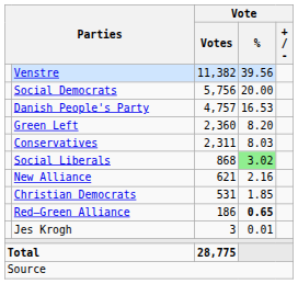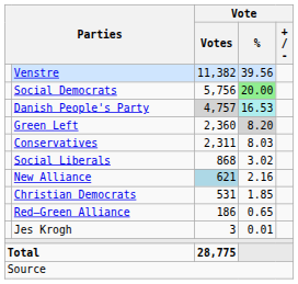 <table class="wikitable" style="text-align:right;">
 <tr>
 <th style="text-align:centre;" rowspan="2" colspan="2" width="225">Parties</th>
 <th colspan="3">Vote</th>
 </tr>
 <tr>
 <th width="15">Votes</th>
 <th width="15">%</th>
 <th width="15">+ / -</th>
 </tr>
 <tr>
 <td width="2" style="color:inherit;background:"></td>
 <td bgcolor=#cfe5fe  align="left"><a href='#'>Venstre</a></td>
 <td bgcolor=#cfe5fe>11,382</td>
 <td bgcolor=#cfe5fe>39.56</td>
 <td></td>
 </tr>
 <tr>
 <td width="2" style="color:inherit;background:"></td>
 <td align="left"><a href='#'>Social Democrats</a></td>
 <td>5,756</td>
-<td>20.00</td>
+<td style="background: lightgreen;">20.00</td>
 <td></td>
 </tr>
 <tr>
 <td width="2" style="color:inherit;background:"></td>
 <td align="left"><a href='#'>Danish People's Party</a></td>
-<td>4,757</td>
-<td>16.53</td>
+<td style="background: lightgrey;">4,757</td>
+<td style="background: paleturquoise;">16.53</td>
 <td></td>
 </tr>
 <tr>
 <td width="2" style="color:inherit;background:"></td>
 <td align="left"><a href='#'>Green Left</a></td>
 <td>2,360</td>
-<td>8.20</td>
+<td style="background: lightgrey;">8.20</td>
 <td></td>
 </tr>
 <tr>
 <td width="2" style="color:inherit;background:"></td>
 <td align="left"><a href='#'>Conservatives</a></td>
 <td>2,311</td>
 <td>8.03</td>
 <td></td>
 </tr>
 <tr>
 <td width="2" style="color:inherit;background:"></td>
 <td align="left"><a href='#'>Social Liberals</a></td>
 <td>868</td>
-<td style="background: lightgreen;">3.02</td>
+<td>3.02</td>
 <td></td>
 </tr>
 <tr>
 <td width="2" style="color:inherit;background:"></td>
 <td align="left"><a href='#'>New Alliance</a></td>
-<td>621</td>
+<td style="background: lightblue;">621</td>
 <td>2.16</td>
 <td></td>
 </tr>
 <tr>
 <td width="2" style="color:inherit;background:"></td>
 <td align="left"><a href='#'>Christian Democrats</a></td>
 <td>531</td>
 <td>1.85</td>
 <td></td>
 </tr>
 <tr>
 <td width="2" style="color:inherit;background:"></td>
 <td align="left"><a href='#'>Red–Green Alliance</a></td>
 <td>186</td>
-<td><strong>0.65</strong></td>
+<td>0.65</td>
 <td></td>
 </tr>
 <tr>
 <td width="2" style="color:inherit;background:"></td>
 <td align="left">Jes Krogh</td>
 <td>3</td>
 <td>0.01</td>
 <td></td>
 </tr>
 <tr>
 <td colspan="7" bgcolor="#E9E9E9"></td>
 </tr>
 <tr>
 <td align="left" colspan="2"><strong>Total</strong></td>
 <td><strong>28,775</strong></td>
 <td bgcolor="#E9E9E9" colspan="2"></td>
 </tr>
 <tr>
 <td align="left" colspan="6">Source</td>
 </tr>
 </table>
